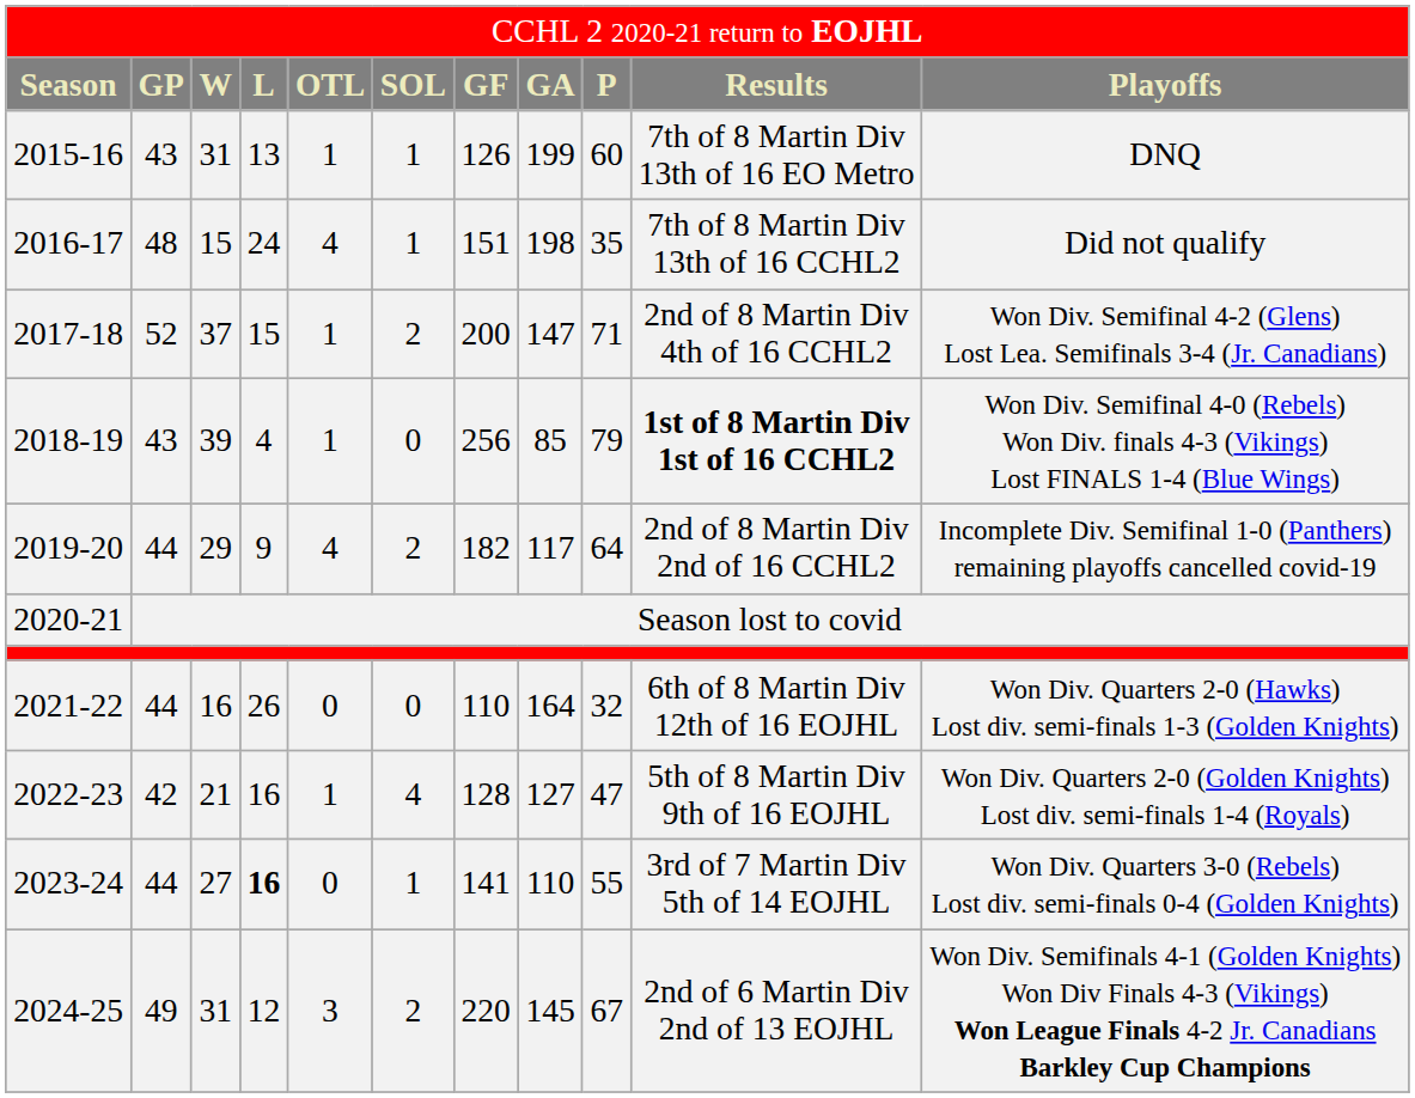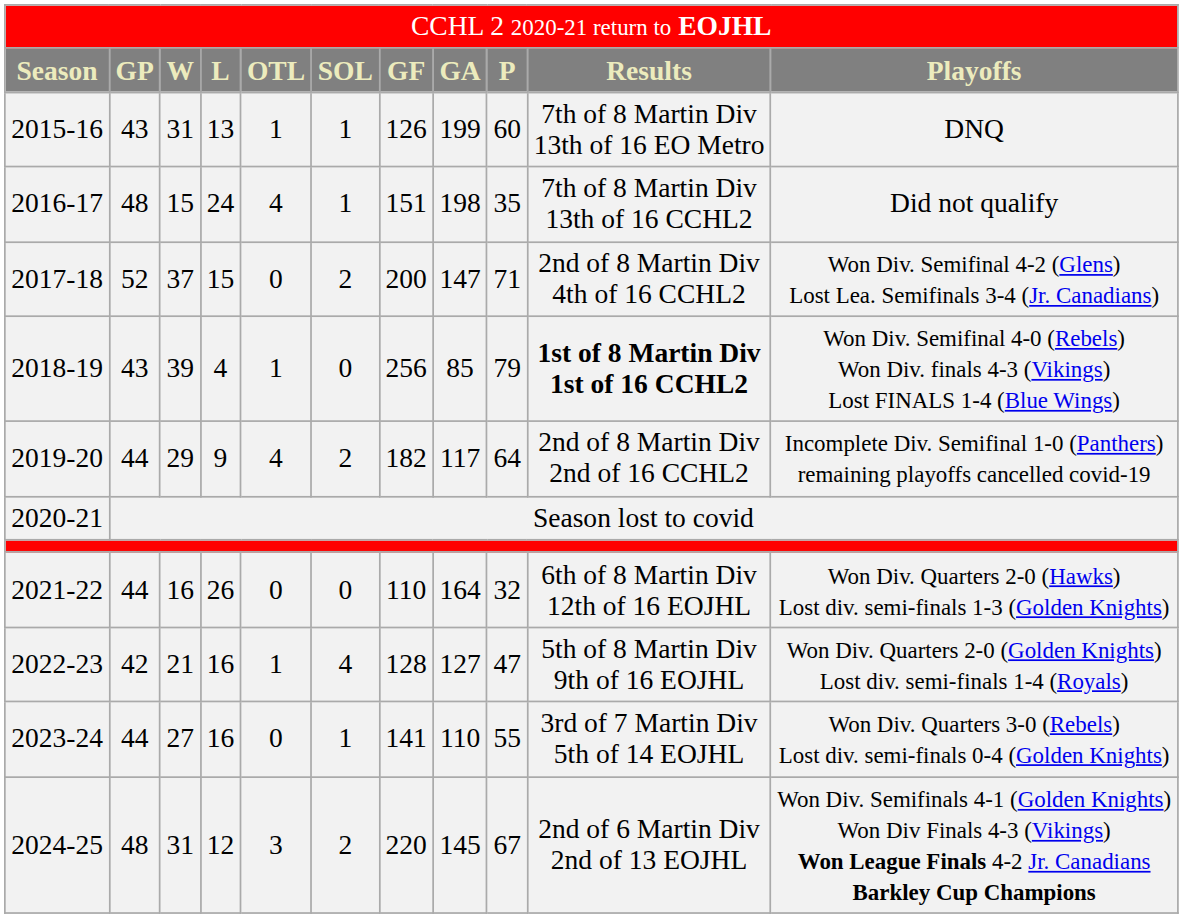 <table class="wikitable">
 <tr align="center" bgcolor=red style="color: white">
 <td colspan="12">CCHL 2 <small>2020-21 return to</small> <strong>EOJHL</strong></td>
 </tr>
 <tr align="center" style="color: #ECEBBD" bgcolor=grey>
 <td><strong>Season</strong></td>
 <td><strong>GP</strong></td>
 <td><strong>W</strong></td>
 <td><strong>L</strong></td>
 <td><strong>OTL</strong></td>
 <td><strong>SOL</strong></td>
 <td><strong>GF</strong></td>
 <td><strong>GA</strong></td>
 <td><strong>P</strong></td>
 <td><strong>Results</strong></td>
 <td><strong>Playoffs</strong></td>
 </tr>
 <tr align="center" bgcolor="#F2F2F2">
 <td>2015-16</td>
 <td>43</td>
 <td>31</td>
 <td>13</td>
 <td>1</td>
 <td>1</td>
 <td>126</td>
 <td>199</td>
 <td>60</td>
 <td>7th of 8 Martin Div<br>13th of 16 EO Metro</td>
 <td>DNQ</td>
 </tr>
 <tr align="center" bgcolor="#F2F2F2">
 <td>2016-17</td>
 <td>48</td>
 <td>15</td>
 <td>24</td>
 <td>4</td>
 <td>1</td>
 <td>151</td>
 <td>198</td>
 <td>35</td>
 <td>7th of 8 Martin Div<br>13th of 16 CCHL2</td>
 <td>Did not qualify</td>
 </tr>
 <tr align="center" bgcolor="#F2F2F2">
 <td>2017-18</td>
 <td>52</td>
 <td>37</td>
 <td>15</td>
-<td>1</td>
+<td>0</td>
 <td>2</td>
 <td>200</td>
 <td>147</td>
 <td>71</td>
 <td>2nd of 8 Martin Div<br>4th of 16 CCHL2</td>
 <td><small>Won Div. Semifinal 4-2 (<a href='#'>Glens</a>)<br>Lost Lea. Semifinals 3-4 (<a href='#'>Jr. Canadians</a>)</small></td>
 </tr>
 <tr align="center" bgcolor="#F2F2F2">
 <td>2018-19</td>
 <td>43</td>
 <td>39</td>
 <td>4</td>
 <td>1</td>
 <td>0</td>
 <td>256</td>
 <td>85</td>
 <td>79</td>
 <td><strong>1st of 8 Martin Div</strong><br><strong>1st of 16 CCHL2</strong></td>
 <td><small>Won Div. Semifinal 4-0 (<a href='#'>Rebels</a>)<br>Won Div. finals 4-3 (<a href='#'>Vikings</a>)<br>Lost FINALS 1-4 (<a href='#'>Blue Wings</a>)</small></td>
 </tr>
 <tr align="center" bgcolor="#F2F2F2">
 <td>2019-20</td>
 <td>44</td>
 <td>29</td>
 <td>9</td>
 <td>4</td>
 <td>2</td>
 <td>182</td>
 <td>117</td>
 <td>64</td>
 <td>2nd of 8 Martin Div<br>2nd of 16 CCHL2</td>
 <td><small>Incomplete Div. Semifinal 1-0 (<a href='#'>Panthers</a>)<br>remaining playoffs cancelled covid-19</small></td>
 </tr>
 <tr align="center" bgcolor="#F2F2F2">
 <td>2020-21</td>
 <td colspan="10">Season lost to covid</td>
 </tr>
 <tr align="center" bgcolor=red style="color: white">
 <td colspan="12"></td>
 </tr>
 <tr align="center" bgcolor="#F2F2F2">
 <td>2021-22</td>
 <td>44</td>
 <td>16</td>
 <td>26</td>
 <td>0</td>
 <td>0</td>
 <td>110</td>
 <td>164</td>
 <td>32</td>
 <td>6th of 8 Martin Div<br>12th of 16 EOJHL</td>
 <td><small>Won Div. Quarters 2-0 (<a href='#'>Hawks</a>)<br>Lost div. semi-finals 1-3 (<a href='#'>Golden Knights</a>)</small></td>
 </tr>
 <tr align="center" bgcolor="#F2F2F2">
 <td>2022-23</td>
 <td>42</td>
 <td>21</td>
 <td>16</td>
 <td>1</td>
 <td>4</td>
 <td>128</td>
 <td>127</td>
 <td>47</td>
 <td>5th of 8 Martin Div<br>9th of 16 EOJHL</td>
 <td><small>Won Div. Quarters 2-0 (<a href='#'>Golden Knights</a>)<br>Lost div. semi-finals 1-4 (<a href='#'>Royals</a>)</small></td>
 </tr>
 <tr align="center" bgcolor="#F2F2F2">
 <td>2023-24</td>
 <td>44</td>
 <td>27</td>
-<td><strong>16</strong></td>
+<td>16</td>
 <td>0</td>
 <td>1</td>
 <td>141</td>
 <td>110</td>
 <td>55</td>
 <td>3rd of 7 Martin Div<br>5th of 14 EOJHL</td>
 <td><small>Won Div. Quarters 3-0 (<a href='#'>Rebels</a>)<br>Lost div. semi-finals 0-4 (<a href='#'>Golden Knights</a>)</small></td>
 </tr>
 <tr align="center" bgcolor="#F2F2F2">
 <td>2024-25</td>
-<td>49</td>
+<td>48</td>
 <td>31</td>
 <td>12</td>
 <td>3</td>
 <td>2</td>
 <td>220</td>
 <td>145</td>
 <td>67</td>
 <td>2nd of 6 Martin Div<br>2nd of 13 EOJHL</td>
 <td><small>Won Div. Semifinals 4-1 (<a href='#'>Golden Knights</a>)<br>Won Div Finals 4-3 (<a href='#'>Vikings</a>)<br><strong>Won League Finals</strong> 4-2 <a href='#'>Jr. Canadians</a><br><strong>Barkley Cup Champions</strong></small></td>
 </tr>
 </table>
